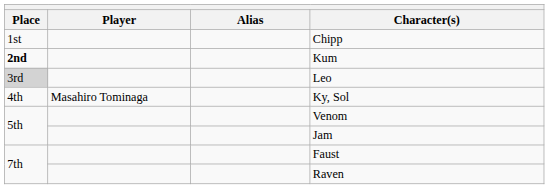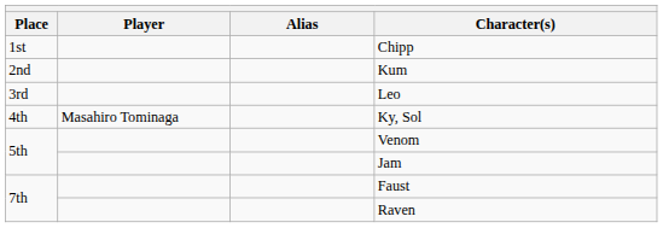 <table class="wikitable">
 <tr>
 <th colspan=5></th>
 </tr>
 <tr>
 <th style="width:50px;">Place</th>
 <th style="width:180px;">Player</th>
 <th style="width:150px;">Alias</th>
 <th style="width:300px;">Character(s)</th>
 </tr>
 <tr>
 <td>1st</td>
 <td></td>
 <td></td>
 <td>Chipp</td>
 </tr>
 <tr>
-<td><strong>2nd</strong></td>
+<td>2nd</td>
 <td></td>
 <td></td>
 <td>Kum</td>
 </tr>
 <tr>
-<td style="background: lightgrey;">3rd</td>
+<td>3rd</td>
 <td></td>
 <td></td>
 <td>Leo</td>
 </tr>
 <tr>
 <td>4th</td>
 <td> Masahiro Tominaga</td>
 <td></td>
 <td>Ky, Sol</td>
 </tr>
 <tr>
 <td rowspan=2>5th</td>
 <td></td>
 <td></td>
 <td>Venom</td>
 </tr>
 <tr>
 <td></td>
 <td></td>
 <td>Jam</td>
 </tr>
 <tr>
 <td rowspan=2>7th</td>
 <td></td>
 <td></td>
 <td>Faust</td>
 </tr>
 <tr>
 <td></td>
 <td></td>
 <td>Raven</td>
 </tr>
 </table>
